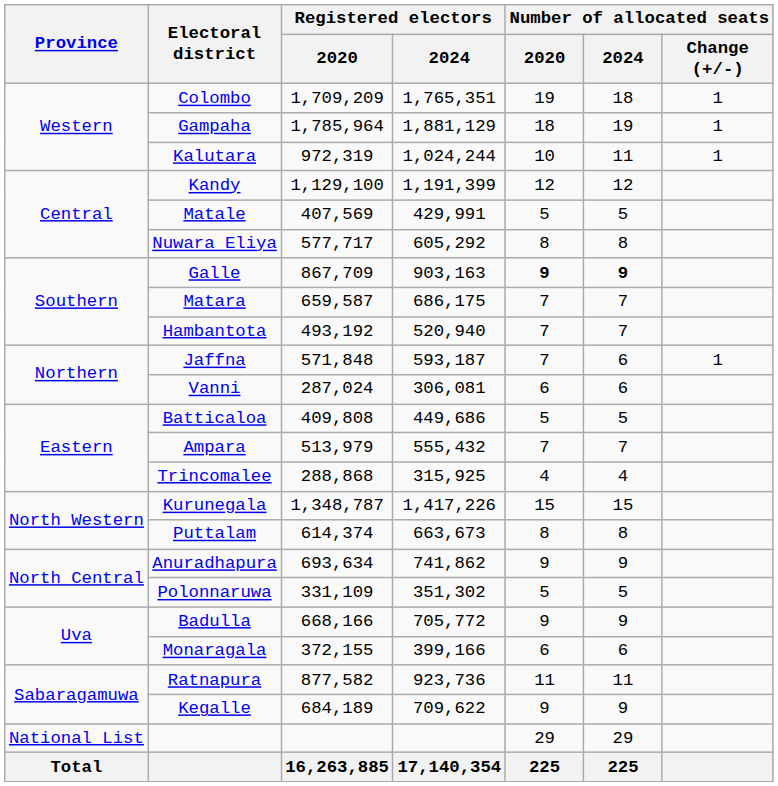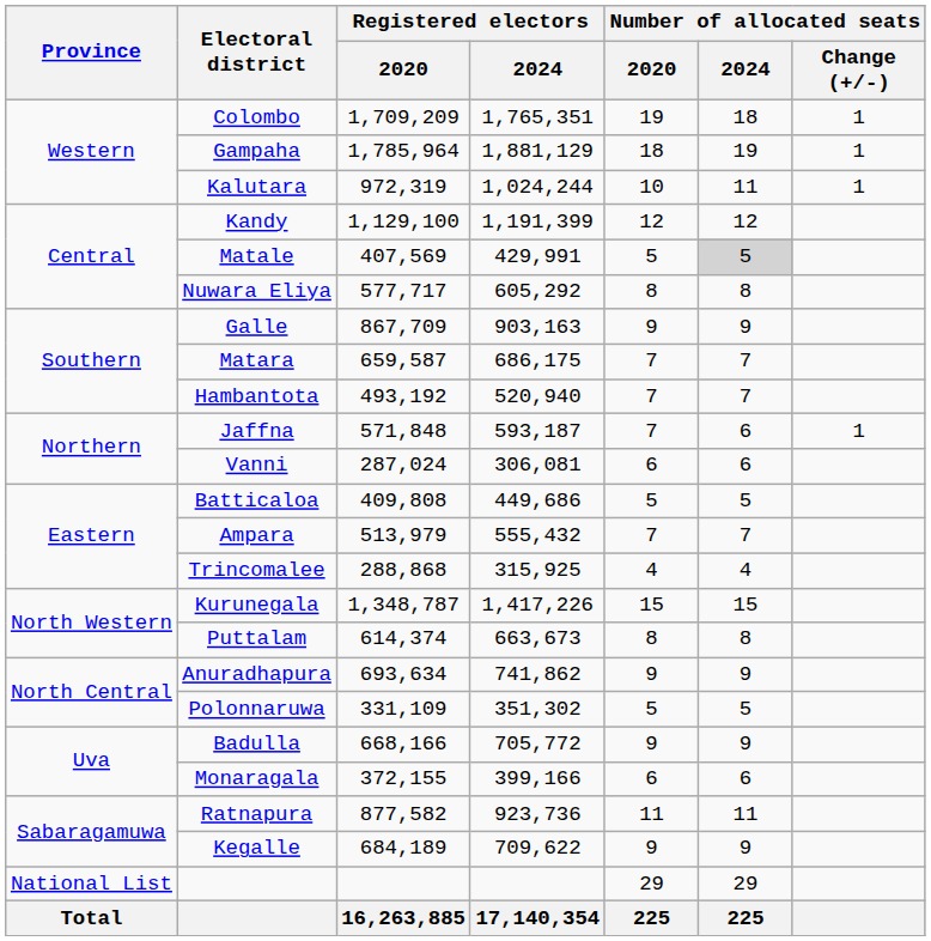 <table class="wikitable sortable" style="font-size:90%; text-align:center">
 <tr>
 <th rowspan="2"><a href='#'>Province</a></th>
 <th rowspan="2">Electoral <br> district</th>
 <th colspan="2">Registered electors</th>
 <th colspan="3">Number of allocated seats</th>
 </tr>
 <tr>
 <th>2020</th>
 <th>2024</th>
 <th>2020</th>
 <th>2024</th>
 <th>Change <br> (+/-)</th>
 </tr>
 <tr>
 <td rowspan="3"><a href='#'>Western</a></td>
 <td><a href='#'>Colombo</a></td>
 <td>1,709,209</td>
 <td>1,765,351</td>
 <td>19</td>
 <td>18</td>
 <td>1</td>
 </tr>
 <tr>
 <td><a href='#'>Gampaha</a></td>
 <td>1,785,964</td>
 <td>1,881,129</td>
 <td>18</td>
 <td>19</td>
 <td>1</td>
 </tr>
 <tr>
 <td><a href='#'>Kalutara</a></td>
 <td>972,319</td>
 <td>1,024,244</td>
 <td>10</td>
 <td>11</td>
 <td>1</td>
 </tr>
 <tr>
 <td rowspan="3"><a href='#'>Central</a></td>
 <td><a href='#'>Kandy</a></td>
 <td>1,129,100</td>
 <td>1,191,399</td>
 <td>12</td>
 <td>12</td>
 <td></td>
 </tr>
 <tr>
 <td><a href='#'>Matale</a></td>
 <td>407,569</td>
 <td>429,991</td>
 <td>5</td>
-<td>5</td>
+<td style="background: lightgrey;">5</td>
 <td></td>
 </tr>
 <tr>
 <td><a href='#'>Nuwara Eliya</a></td>
 <td>577,717</td>
 <td>605,292</td>
 <td>8</td>
 <td>8</td>
 <td></td>
 </tr>
 <tr>
 <td rowspan="3"><a href='#'>Southern</a></td>
 <td><a href='#'>Galle</a></td>
 <td>867,709</td>
 <td>903,163</td>
-<td><strong>9</strong></td>
-<td><strong>9</strong></td>
+<td>9</td>
+<td>9</td>
 <td></td>
 </tr>
 <tr>
 <td><a href='#'>Matara</a></td>
 <td>659,587</td>
 <td>686,175</td>
 <td>7</td>
 <td>7</td>
 <td></td>
 </tr>
 <tr>
 <td><a href='#'>Hambantota</a></td>
 <td>493,192</td>
 <td>520,940</td>
 <td>7</td>
 <td>7</td>
 <td></td>
 </tr>
 <tr>
 <td rowspan="2"><a href='#'>Northern</a></td>
 <td><a href='#'>Jaffna</a></td>
 <td>571,848</td>
 <td>593,187</td>
 <td>7</td>
 <td>6</td>
 <td>1</td>
 </tr>
 <tr>
 <td><a href='#'>Vanni</a></td>
 <td>287,024</td>
 <td>306,081</td>
 <td>6</td>
 <td>6</td>
 <td></td>
 </tr>
 <tr>
 <td rowspan="3"><a href='#'>Eastern</a></td>
 <td><a href='#'>Batticaloa</a></td>
 <td>409,808</td>
 <td>449,686</td>
 <td>5</td>
 <td>5</td>
 <td></td>
 </tr>
 <tr>
 <td><a href='#'>Ampara</a></td>
 <td>513,979</td>
 <td>555,432</td>
 <td>7</td>
 <td>7</td>
 <td></td>
 </tr>
 <tr>
 <td><a href='#'>Trincomalee</a></td>
 <td>288,868</td>
 <td>315,925</td>
 <td>4</td>
 <td>4</td>
 <td></td>
 </tr>
 <tr>
 <td rowspan="2"><a href='#'>North Western</a></td>
 <td><a href='#'>Kurunegala</a></td>
 <td>1,348,787</td>
 <td>1,417,226</td>
 <td>15</td>
 <td>15</td>
 <td></td>
 </tr>
 <tr>
 <td><a href='#'>Puttalam</a></td>
 <td>614,374</td>
 <td>663,673</td>
 <td>8</td>
 <td>8</td>
 <td></td>
 </tr>
 <tr>
 <td rowspan="2"><a href='#'>North Central</a></td>
 <td><a href='#'>Anuradhapura</a></td>
 <td>693,634</td>
 <td>741,862</td>
 <td>9</td>
 <td>9</td>
 <td></td>
 </tr>
 <tr>
 <td><a href='#'>Polonnaruwa</a></td>
 <td>331,109</td>
 <td>351,302</td>
 <td>5</td>
 <td>5</td>
 <td></td>
 </tr>
 <tr>
 <td rowspan="2"><a href='#'>Uva</a></td>
 <td><a href='#'>Badulla</a></td>
 <td>668,166</td>
 <td>705,772</td>
 <td>9</td>
 <td>9</td>
 <td></td>
 </tr>
 <tr>
 <td><a href='#'>Monaragala</a></td>
 <td>372,155</td>
 <td>399,166</td>
 <td>6</td>
 <td>6</td>
 <td></td>
 </tr>
 <tr>
 <td rowspan="2"><a href='#'>Sabaragamuwa</a></td>
 <td><a href='#'>Ratnapura</a></td>
 <td>877,582</td>
 <td>923,736</td>
 <td>11</td>
 <td>11</td>
 <td></td>
 </tr>
 <tr>
 <td><a href='#'>Kegalle</a></td>
 <td>684,189</td>
 <td>709,622</td>
 <td>9</td>
 <td>9</td>
 <td></td>
 </tr>
 <tr class=sortbottom>
 <td><a href='#'>National List</a></td>
 <td></td>
 <td></td>
 <td></td>
 <td>29</td>
 <td>29</td>
 <td></td>
 </tr>
 <tr>
 <th>Total</th>
 <th></th>
 <th>16,263,885</th>
 <th>17,140,354</th>
 <th>225</th>
 <th>225</th>
 <th></th>
 </tr>
 </table>
